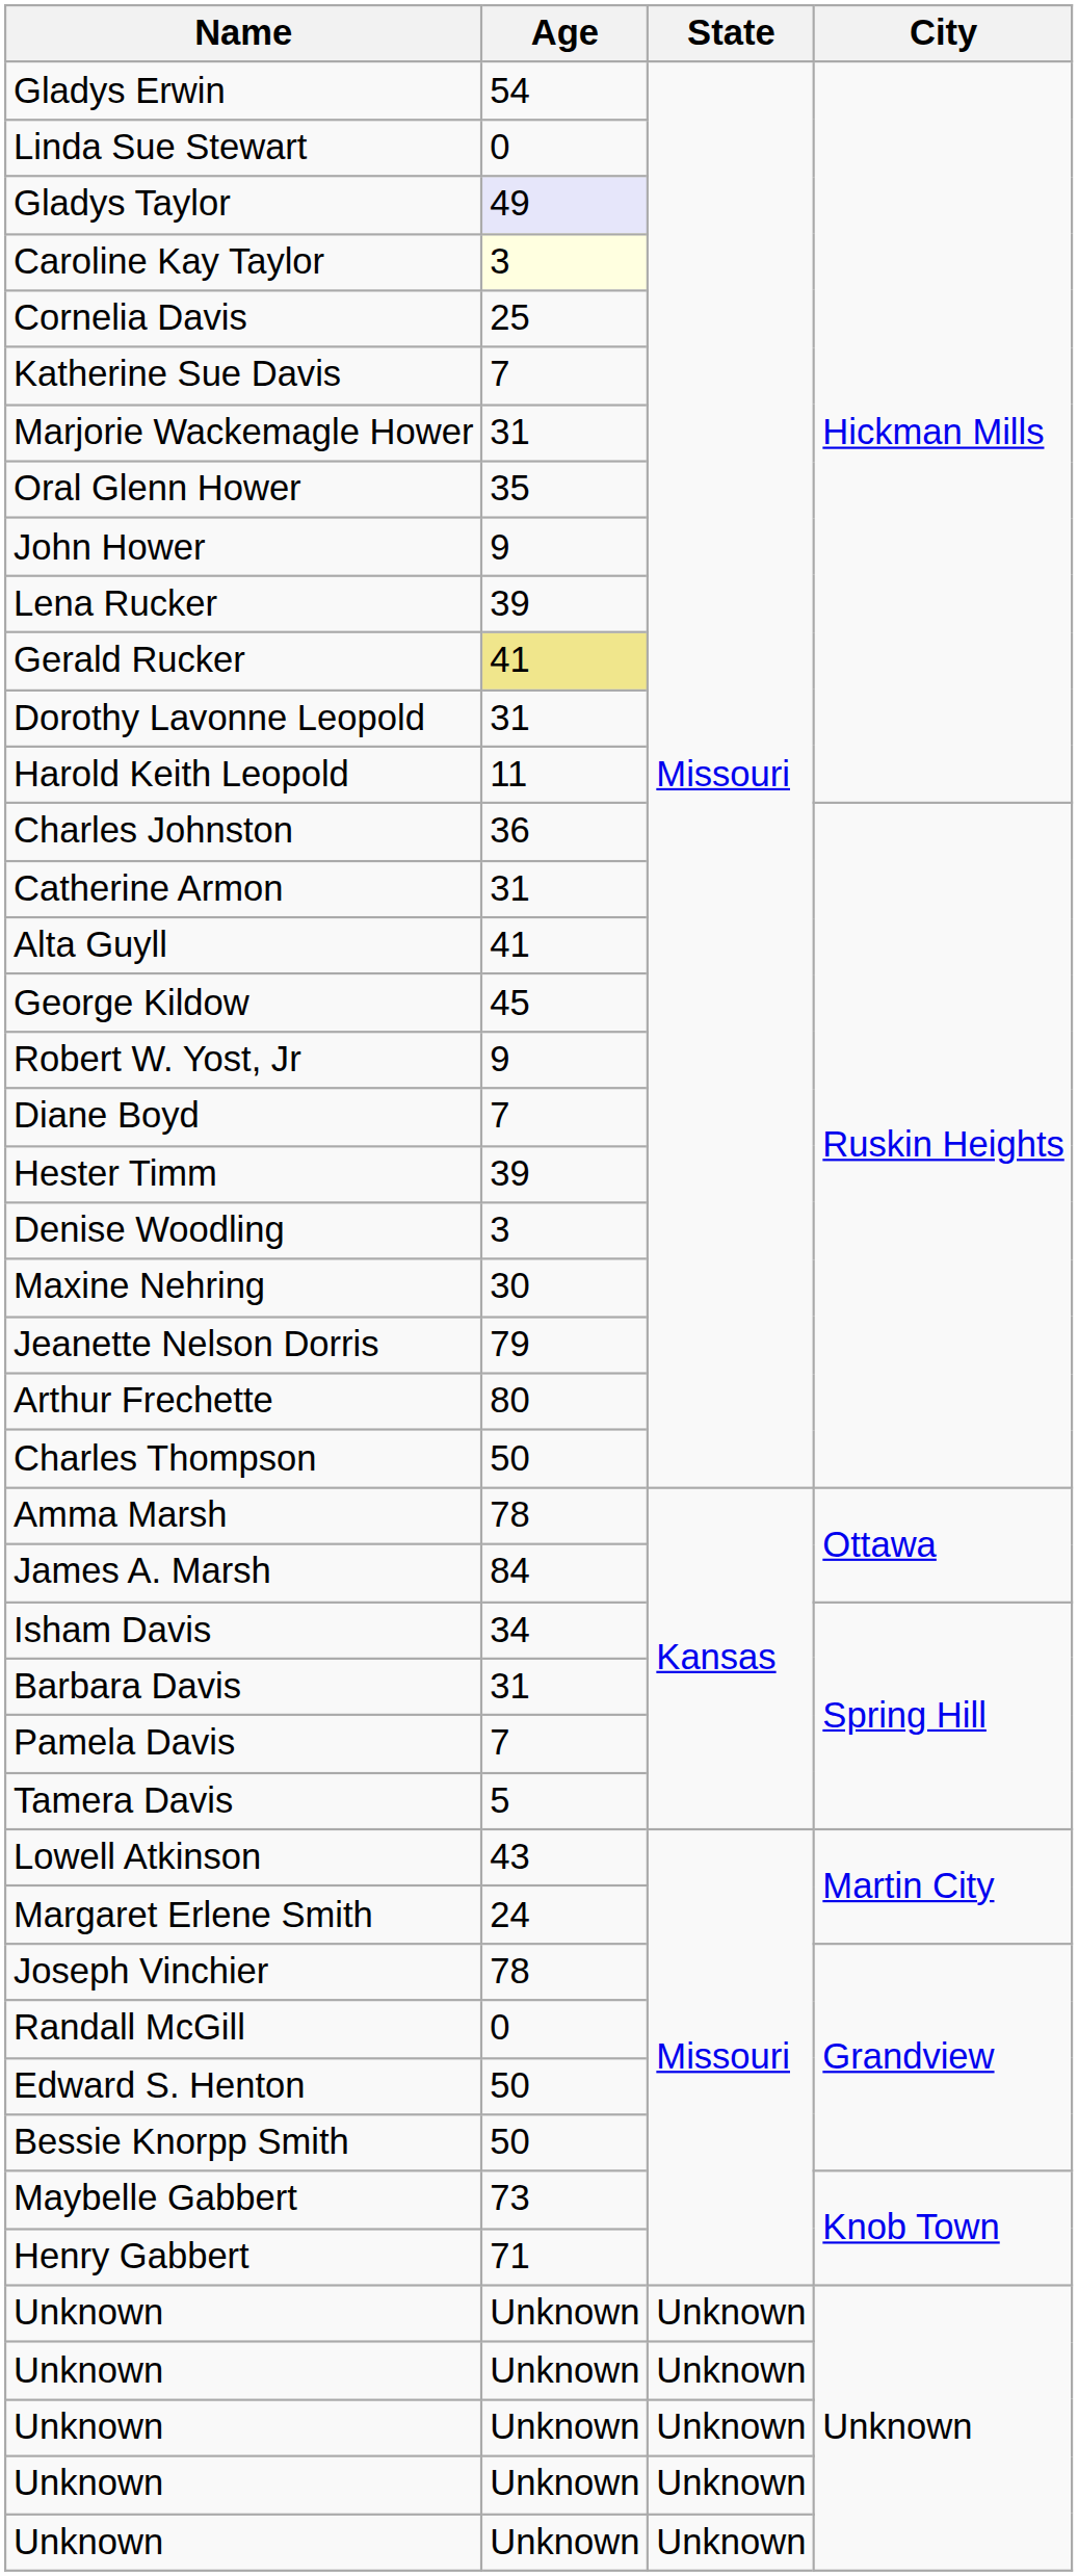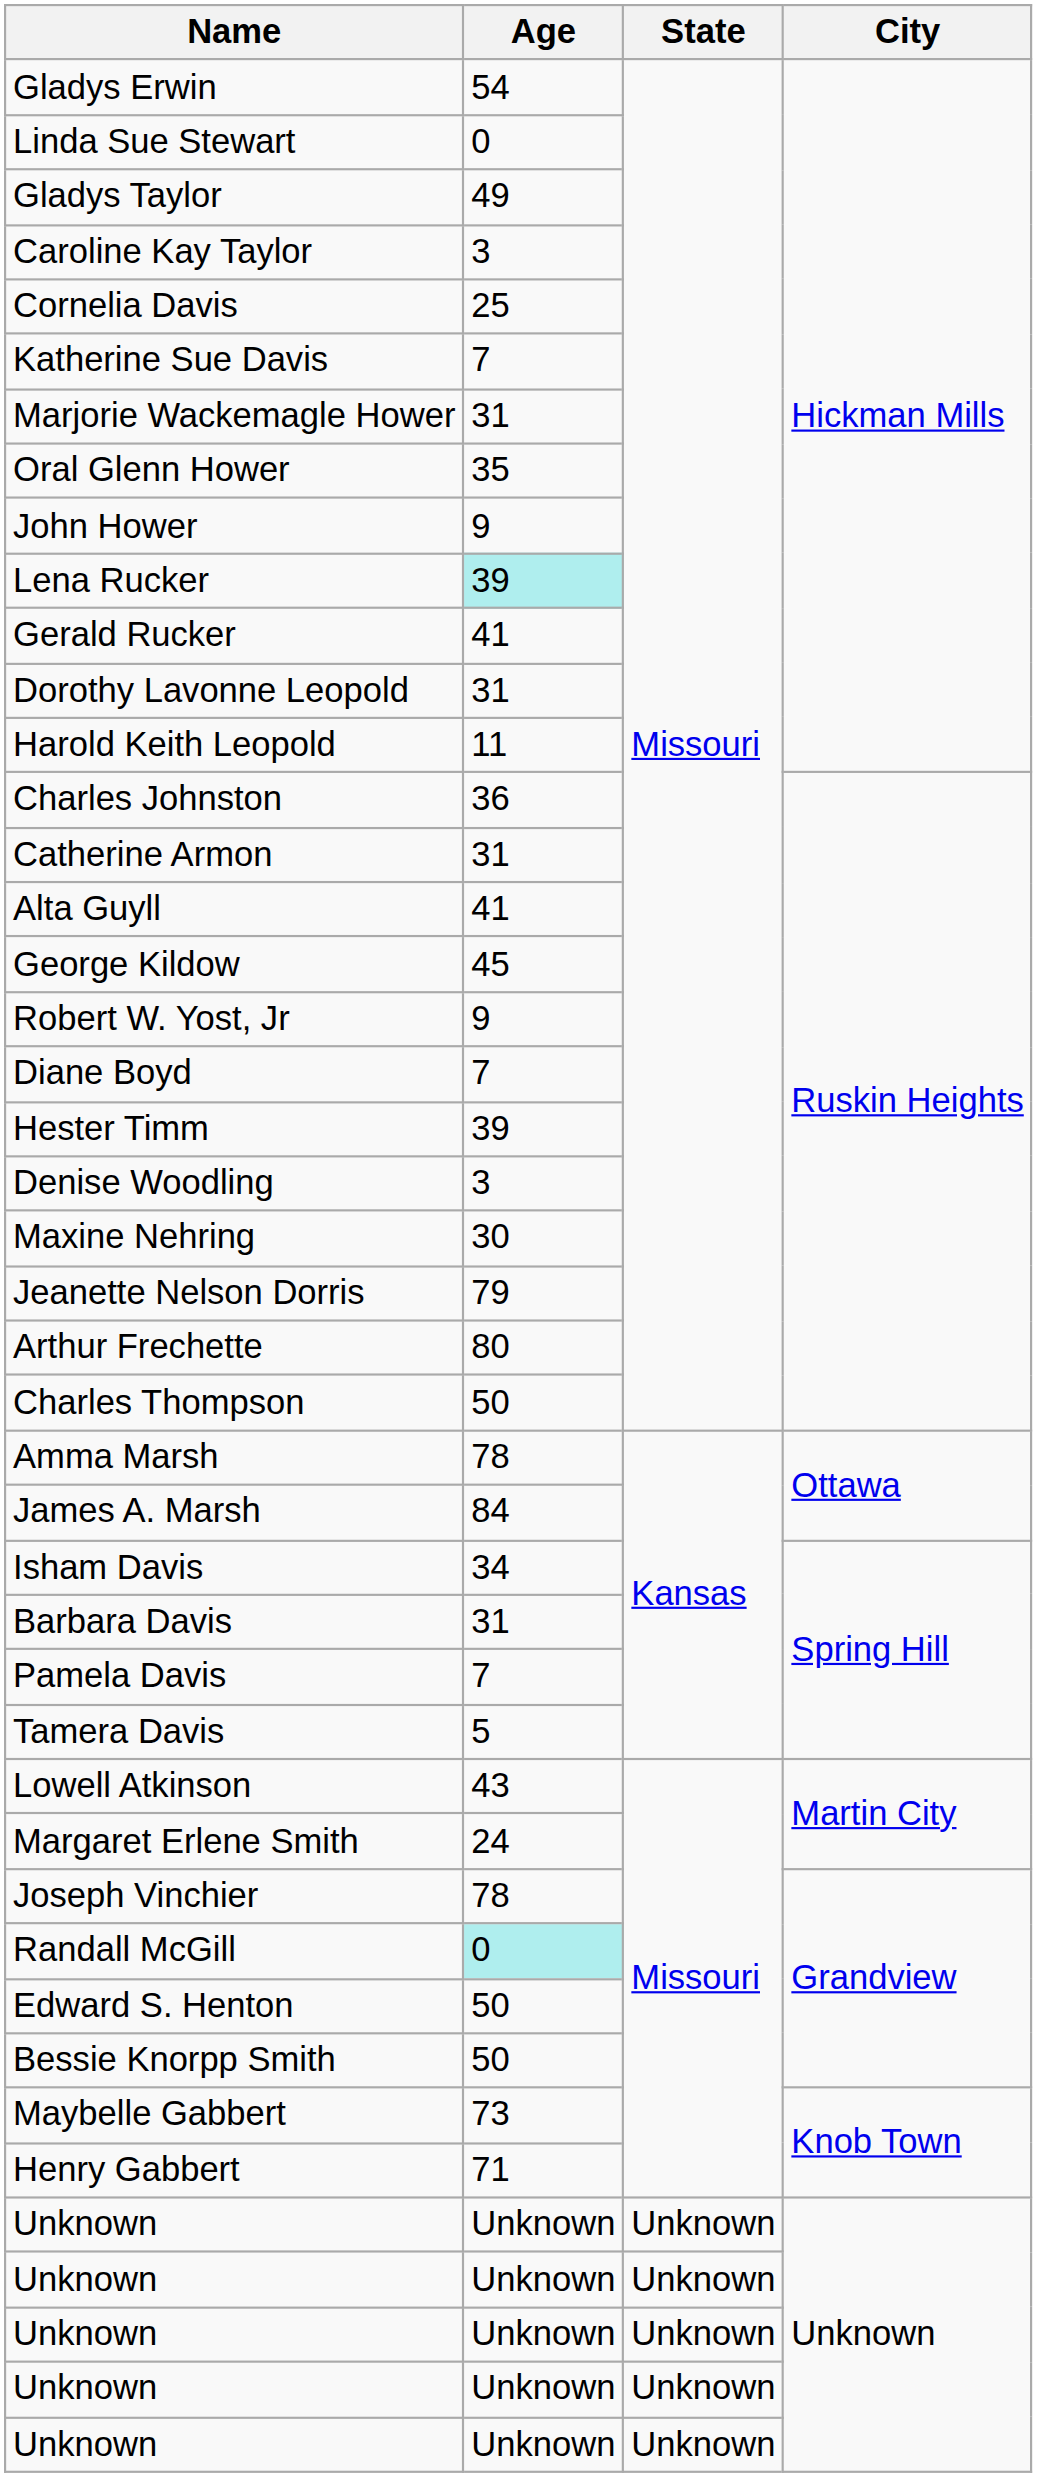 <table class="wikitable sortable">
 <tr>
 <th>Name</th>
 <th>Age</th>
 <th>State</th>
 <th>City</th>
 </tr>
 <tr>
 <td>Gladys Erwin</td>
 <td>54</td>
 <td rowspan="25"><a href='#'>Missouri</a></td>
 <td rowspan="13"><a href='#'>Hickman Mills</a></td>
 </tr>
 <tr>
 <td>Linda Sue Stewart</td>
 <td>0</td>
 </tr>
 <tr>
 <td>Gladys Taylor</td>
-<td style="background: lavender;">49</td>
+<td>49</td>
 </tr>
 <tr>
 <td>Caroline Kay Taylor</td>
-<td style="background: lightyellow;">3</td>
+<td>3</td>
 </tr>
 <tr>
 <td>Cornelia Davis</td>
 <td>25</td>
 </tr>
 <tr>
 <td>Katherine Sue Davis</td>
 <td>7</td>
 </tr>
 <tr>
 <td>Marjorie Wackemagle Hower</td>
 <td>31</td>
 </tr>
 <tr>
 <td>Oral Glenn Hower</td>
 <td>35</td>
 </tr>
 <tr>
 <td>John Hower</td>
 <td>9</td>
 </tr>
 <tr>
 <td>Lena Rucker</td>
-<td>39</td>
+<td style="background: paleturquoise;">39</td>
 </tr>
 <tr>
 <td>Gerald Rucker</td>
-<td style="background: khaki;">41</td>
+<td>41</td>
 </tr>
 <tr>
 <td>Dorothy Lavonne Leopold</td>
 <td>31</td>
 </tr>
 <tr>
 <td>Harold Keith Leopold</td>
 <td>11</td>
 </tr>
 <tr>
 <td>Charles Johnston</td>
 <td>36</td>
 <td rowspan="12"><a href='#'>Ruskin Heights</a></td>
 </tr>
 <tr>
 <td>Catherine Armon</td>
 <td>31</td>
 </tr>
 <tr>
 <td>Alta Guyll</td>
 <td>41</td>
 </tr>
 <tr>
 <td>George Kildow</td>
 <td>45</td>
 </tr>
 <tr>
 <td>Robert W. Yost, Jr</td>
 <td>9</td>
 </tr>
 <tr>
 <td>Diane Boyd</td>
 <td>7</td>
 </tr>
 <tr>
 <td>Hester Timm</td>
 <td>39</td>
 </tr>
 <tr>
 <td>Denise Woodling</td>
 <td>3</td>
 </tr>
 <tr>
 <td>Maxine Nehring</td>
 <td>30</td>
 </tr>
 <tr>
 <td>Jeanette Nelson Dorris</td>
 <td>79</td>
 </tr>
 <tr>
 <td>Arthur Frechette</td>
 <td>80</td>
 </tr>
 <tr>
 <td>Charles Thompson</td>
 <td>50</td>
 </tr>
 <tr>
 <td>Amma Marsh</td>
 <td>78</td>
 <td rowspan="6"><a href='#'>Kansas</a></td>
 <td rowspan="2"><a href='#'>Ottawa</a></td>
 </tr>
 <tr>
 <td>James A. Marsh</td>
 <td>84</td>
 </tr>
 <tr>
 <td>Isham Davis</td>
 <td>34</td>
 <td rowspan="4"><a href='#'>Spring Hill</a></td>
 </tr>
 <tr>
 <td>Barbara Davis</td>
 <td>31</td>
 </tr>
 <tr>
 <td>Pamela Davis</td>
 <td>7</td>
 </tr>
 <tr>
 <td>Tamera Davis</td>
 <td>5</td>
 </tr>
 <tr>
 <td>Lowell Atkinson</td>
 <td>43</td>
 <td rowspan="8"><a href='#'>Missouri</a></td>
 <td rowspan="2"><a href='#'>Martin City</a></td>
 </tr>
 <tr>
 <td>Margaret Erlene Smith</td>
 <td>24</td>
 </tr>
 <tr>
 <td>Joseph Vinchier</td>
 <td>78</td>
 <td rowspan="4"><a href='#'>Grandview</a></td>
 </tr>
 <tr>
 <td>Randall McGill</td>
-<td>0</td>
+<td style="background: paleturquoise;">0</td>
 </tr>
 <tr>
 <td>Edward S. Henton</td>
 <td>50</td>
 </tr>
 <tr>
 <td>Bessie Knorpp Smith</td>
 <td>50</td>
 </tr>
 <tr>
 <td>Maybelle Gabbert</td>
 <td>73</td>
 <td rowspan="2"><a href='#'>Knob Town</a></td>
 </tr>
 <tr>
 <td>Henry Gabbert</td>
 <td>71</td>
 </tr>
 <tr>
 <td>Unknown</td>
 <td>Unknown</td>
 <td>Unknown</td>
 <td rowspan="5">Unknown</td>
 </tr>
 <tr>
 <td>Unknown</td>
 <td>Unknown</td>
 <td>Unknown</td>
 </tr>
 <tr>
 <td>Unknown</td>
 <td>Unknown</td>
 <td>Unknown</td>
 </tr>
 <tr>
 <td>Unknown</td>
 <td>Unknown</td>
 <td>Unknown</td>
 </tr>
 <tr>
 <td>Unknown</td>
 <td>Unknown</td>
 <td>Unknown</td>
 </tr>
 </table>
